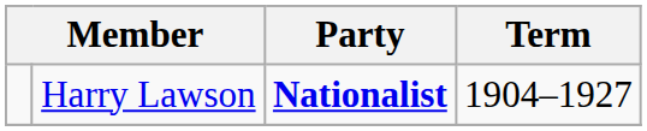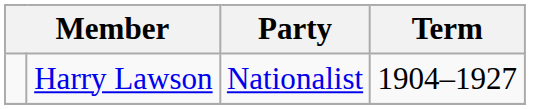 <table class="wikitable">
 <tr>
 <th colspan="2">Member</th>
 <th>Party</th>
 <th>Term</th>
 </tr>
 <tr>
 <td> </td>
 <td><a href='#'>Harry Lawson</a></td>
-<td><strong><a href='#'>Nationalist</a></strong></td>
+<td><a href='#'>Nationalist</a></td>
 <td>1904–1927</td>
 </tr>
 <tr>
 </tr>
 </table>
